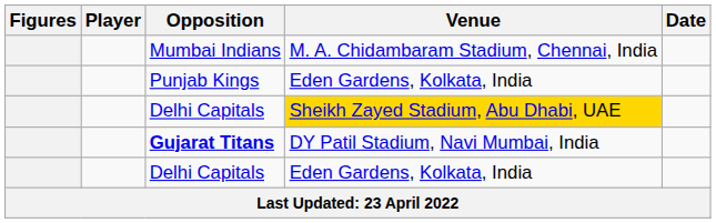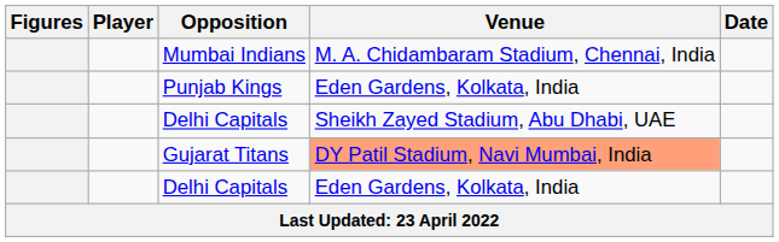 <table class="wikitable sortable" style="text-align:left;font-size:96%;">
 <tr>
 <th>Figures</th>
 <th>Player</th>
 <th>Opposition</th>
 <th>Venue</th>
 <th>Date</th>
 </tr>
 <tr>
 <th scope=row style=text-align:center;></th>
 <td></td>
 <td><a href='#'>Mumbai Indians</a></td>
 <td><a href='#'>M. A. Chidambaram Stadium</a>, <a href='#'>Chennai</a>, India</td>
 <td></td>
 </tr>
 <tr>
 <th scope=row style=text-align:center;></th>
 <td></td>
 <td><a href='#'>Punjab Kings</a></td>
 <td><a href='#'>Eden Gardens</a>, <a href='#'>Kolkata</a>, India</td>
 <td></td>
 </tr>
 <tr>
 <th scope=row style=text-align:center;></th>
 <td></td>
 <td><a href='#'>Delhi Capitals</a></td>
-<td style="background: gold;"><a href='#'>Sheikh Zayed Stadium</a>, <a href='#'>Abu Dhabi</a>, UAE</td>
+<td><a href='#'>Sheikh Zayed Stadium</a>, <a href='#'>Abu Dhabi</a>, UAE</td>
 <td></td>
 </tr>
 <tr>
 <th scope=row style=text-align:center;></th>
 <td></td>
-<td><strong><a href='#'>Gujarat Titans</a></strong></td>
-<td><a href='#'>DY Patil Stadium</a>, <a href='#'>Navi Mumbai</a>, India</td>
+<td><a href='#'>Gujarat Titans</a></td>
+<td style="background: lightsalmon;"><a href='#'>DY Patil Stadium</a>, <a href='#'>Navi Mumbai</a>, India</td>
 <td></td>
 </tr>
 <tr>
 <th scope=row style=text-align:center;></th>
 <td></td>
 <td><a href='#'>Delhi Capitals</a></td>
 <td><a href='#'>Eden Gardens</a>, <a href='#'>Kolkata</a>, India</td>
 <td></td>
 </tr>
 <tr class=sortbottom>
 <th colspan=6><small>Last Updated: 23 April 2022</small></th>
 </tr>
 </table>
